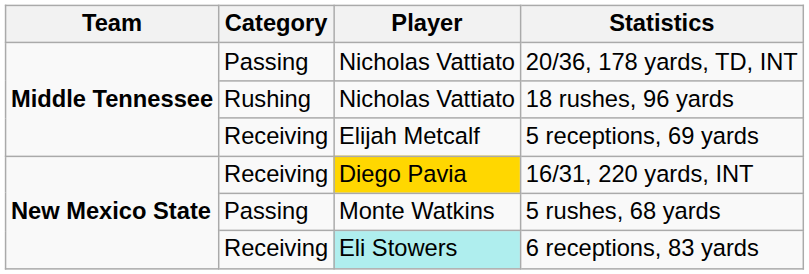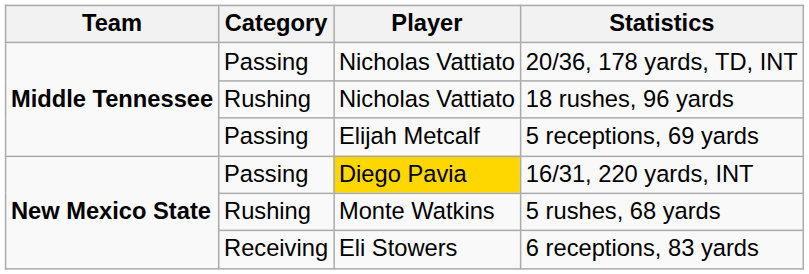 <table class="wikitable" style="float: right;">
 <tr>
 <th>Team</th>
 <th>Category</th>
 <th>Player</th>
 <th>Statistics</th>
 </tr>
 <tr>
 <td rowspan=3><strong>Middle Tennessee</strong></td>
 <td>Passing</td>
 <td>Nicholas Vattiato</td>
 <td>20/36, 178 yards, TD, INT</td>
 </tr>
 <tr>
 <td>Rushing</td>
 <td>Nicholas Vattiato</td>
 <td>18 rushes, 96 yards</td>
 </tr>
 <tr>
-<td>Receiving</td>
+<td>Passing</td>
 <td>Elijah Metcalf</td>
 <td>5 receptions, 69 yards</td>
 </tr>
 <tr>
 <td rowspan=3><strong>New Mexico State</strong></td>
-<td>Receiving</td>
+<td>Passing</td>
 <td style="background: gold;">Diego Pavia</td>
 <td>16/31, 220 yards, INT</td>
 </tr>
 <tr>
-<td>Passing</td>
+<td>Rushing</td>
 <td>Monte Watkins</td>
 <td>5 rushes, 68 yards</td>
 </tr>
 <tr>
 <td>Receiving</td>
-<td style="background: paleturquoise;">Eli Stowers</td>
+<td>Eli Stowers</td>
 <td>6 receptions, 83 yards</td>
 </tr>
 </table>
